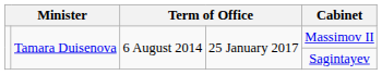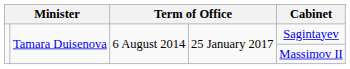 <table class="wikitable" style="text-align:center;">
 <tr>
 <th colspan="2">Minister</th>
 <th colspan="2">Term of Office</th>
 <th colspan="2">Cabinet</th>
 </tr>
 <tr>
 <td rowspan="2"></td>
 <td rowspan="2"><a href='#'>Tamara Duisenova</a></td>
 <td rowspan="2">6 August 2014</td>
 <td rowspan="2">25 January 2017</td>
+<td><a href='#'>Sagintayev</a></td>
+</tr>
+<tr>
 <td><a href='#'>Massimov II</a></td>
 </tr>
-<tr>
-<td><a href='#'>Sagintayev</a></td>
-</tr>
 </table>
